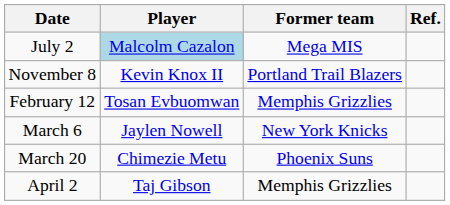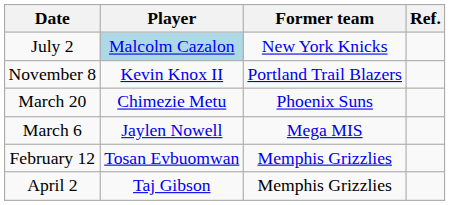 <table class="wikitable sortable sortable" style="text-align: center">
 <tr>
 <th>Date</th>
 <th>Player</th>
 <th>Former team</th>
 <th>Ref.</th>
 </tr>
 <tr>
 <td>July 2</td>
 <td style="background: lightblue;"><a href='#'>Malcolm Cazalon</a></td>
-<td> <a href='#'>Mega MIS</a></td>
+<td><a href='#'>New York Knicks</a></td>
 <td></td>
 </tr>
 <tr>
 <td>November 8</td>
 <td><a href='#'>Kevin Knox II</a></td>
 <td><a href='#'>Portland Trail Blazers</a></td>
 <td></td>
 </tr>
 <tr>
-<td>February 12</td>
-<td><a href='#'>Tosan Evbuomwan</a></td>
-<td><a href='#'>Memphis Grizzlies</a></td>
+<td>March 20</td>
+<td><a href='#'>Chimezie Metu</a></td>
+<td><a href='#'>Phoenix Suns</a></td>
 <td></td>
 </tr>
 <tr>
 <td>March 6</td>
 <td><a href='#'>Jaylen Nowell</a></td>
-<td><a href='#'>New York Knicks</a></td>
+<td> <a href='#'>Mega MIS</a></td>
 <td></td>
 </tr>
 <tr>
-<td>March 20</td>
-<td><a href='#'>Chimezie Metu</a></td>
-<td><a href='#'>Phoenix Suns</a></td>
+<td>February 12</td>
+<td><a href='#'>Tosan Evbuomwan</a></td>
+<td><a href='#'>Memphis Grizzlies</a></td>
 <td></td>
 </tr>
 <tr>
 <td>April 2</td>
 <td><a href='#'>Taj Gibson</a></td>
 <td>Memphis Grizzlies</td>
 <td></td>
 </tr>
 </table>
